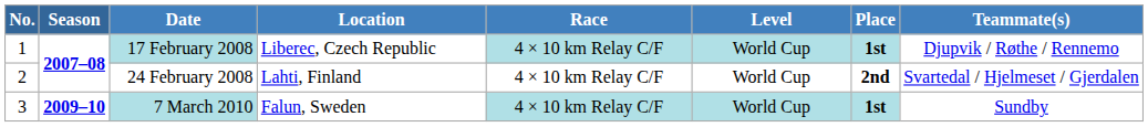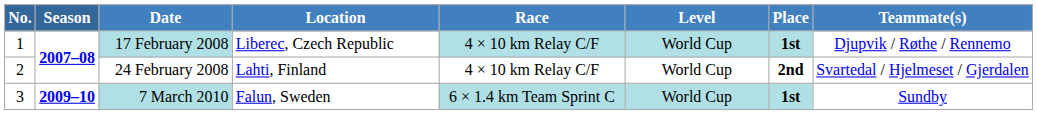 <table class="wikitable sortable" style="font-size:95%; text-align:center; border:grey solid 1px; border-collapse:collapse; background:#ffffff;">
 <tr style="background:#efefef;">
 <th style="background-color:#369; color:white;">No.</th>
 <th style="background-color:#369; color:white;">Season</th>
 <th style="background-color:#4180be; color:white; width:120px;">Date</th>
 <th style="background-color:#4180be; color:white; width:190px;">Location</th>
 <th style="background-color:#4180be; color:white; width:170px;">Race</th>
 <th style="background-color:#4180be; color:white; width:130px;">Level</th>
 <th style="background-color:#4180be; color:white;">Place</th>
 <th style="background-color:#4180be; color:white;">Teammate(s)</th>
 </tr>
 <tr>
 <td align=center>1</td>
 <td rowspan=2 align=center><strong><a href='#'>2007–08</a></strong></td>
 <td bgcolor="#BOEOE6" align=right>17 February 2008</td>
 <td align=left> <a href='#'>Liberec</a>, Czech Republic</td>
 <td bgcolor="#BOEOE6">4 × 10 km Relay C/F</td>
 <td bgcolor="#BOEOE6">World Cup</td>
 <td bgcolor="#BOEOE6"><strong>1st</strong></td>
 <td><a href='#'>Djupvik</a> / <a href='#'>Røthe</a> / <a href='#'>Rennemo</a></td>
 </tr>
 <tr>
 <td align=center>2</td>
 <td align=right>24 February 2008</td>
 <td align=left> <a href='#'>Lahti</a>, Finland</td>
 <td>4 × 10 km Relay C/F</td>
 <td>World Cup</td>
 <td><strong>2nd</strong></td>
 <td><a href='#'>Svartedal</a> / <a href='#'>Hjelmeset</a> / <a href='#'>Gjerdalen</a></td>
 </tr>
 <tr>
 <td align=center>3</td>
 <td rowspan=1 align=center><strong><a href='#'>2009–10</a></strong></td>
 <td bgcolor="#BOEOE6" align=right>7 March 2010</td>
 <td align=left> <a href='#'>Falun</a>, Sweden</td>
-<td bgcolor="#BOEOE6">4 × 10 km Relay C/F</td>
+<td bgcolor="#BOEOE6">6 × 1.4 km Team Sprint C</td>
 <td bgcolor="#BOEOE6">World Cup</td>
 <td bgcolor="#BOEOE6"><strong>1st</strong></td>
 <td><a href='#'>Sundby</a></td>
 </tr>
 </table>
